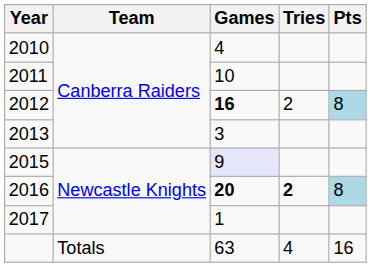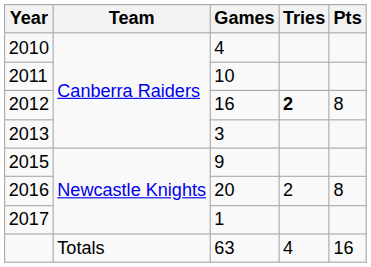 <table class="wikitable">
 <tr>
 <th>Year</th>
 <th>Team</th>
 <th>Games</th>
 <th>Tries</th>
 <th>Pts</th>
 </tr>
 <tr>
 <td>2010</td>
 <td rowspan="4"> <a href='#'>Canberra Raiders</a></td>
 <td>4</td>
 <td></td>
 <td></td>
 </tr>
 <tr>
 <td>2011</td>
 <td>10</td>
 <td></td>
 <td></td>
 </tr>
 <tr>
 <td>2012</td>
-<td><strong>16</strong></td>
-<td>2</td>
-<td style="background: lightblue;">8</td>
+<td>16</td>
+<td><strong>2</strong></td>
+<td>8</td>
 </tr>
 <tr>
 <td>2013</td>
 <td>3</td>
 <td></td>
 <td></td>
 </tr>
 <tr>
 <td>2015</td>
 <td rowspan="3"> <a href='#'>Newcastle Knights</a></td>
-<td style="background: lavender;">9</td>
+<td>9</td>
 <td></td>
 <td></td>
 </tr>
 <tr>
 <td>2016</td>
-<td><strong>20</strong></td>
-<td><strong>2</strong></td>
-<td style="background: lightblue;">8</td>
+<td>20</td>
+<td>2</td>
+<td>8</td>
 </tr>
 <tr>
 <td>2017</td>
 <td>1</td>
 <td></td>
 <td></td>
 </tr>
 <tr>
 <td></td>
 <td>Totals</td>
 <td>63</td>
 <td>4</td>
 <td>16</td>
 </tr>
 </table>
